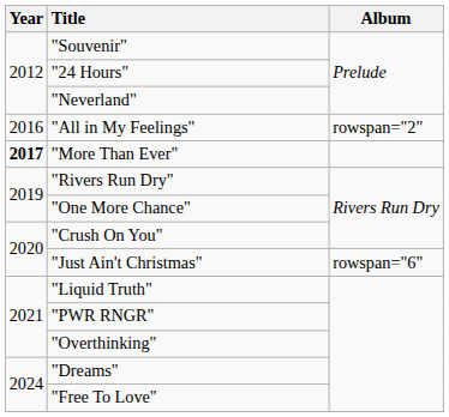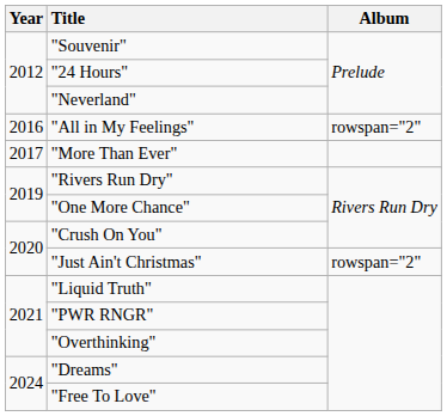 <table class="wikitable">
 <tr>
 <th style="text-align:center;">Year</th>
 <th style="text-align:left; width:16em;">Title</th>
 <th style="text-align:center;">Album</th>
 </tr>
 <tr>
 <td rowspan="3">2012</td>
 <td>"Souvenir"</td>
 <td rowspan="3"><em>Prelude</em></td>
 </tr>
 <tr>
 <td>"24 Hours"</td>
 </tr>
 <tr>
 <td>"Neverland"</td>
 </tr>
 <tr>
 <td>2016</td>
 <td>"All in My Feelings"</td>
 <td>rowspan="2" </td>
 </tr>
 <tr>
-<td><strong>2017</strong></td>
+<td>2017</td>
 <td>"More Than Ever"</td>
 </tr>
 <tr>
 <td rowspan="2">2019</td>
 <td>"Rivers Run Dry"</td>
 <td rowspan="3"><em>Rivers Run Dry</em></td>
 </tr>
 <tr>
 <td>"One More Chance"</td>
 </tr>
 <tr>
 <td rowspan="2">2020</td>
 <td>"Crush On You"</td>
 </tr>
 <tr>
 <td>"Just Ain't Christmas"</td>
-<td>rowspan="6" </td>
+<td>rowspan="2" </td>
 </tr>
 <tr>
 <td rowspan="3">2021</td>
 <td>"Liquid Truth"</td>
 </tr>
 <tr>
 <td>"PWR RNGR"<br></td>
 </tr>
 <tr>
 <td>"Overthinking"</td>
 </tr>
 <tr>
 <td rowspan="2">2024</td>
 <td>"Dreams"</td>
 </tr>
 <tr>
 <td>"Free To Love"</td>
 </tr>
 </table>
